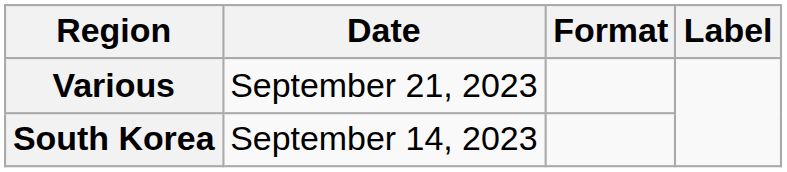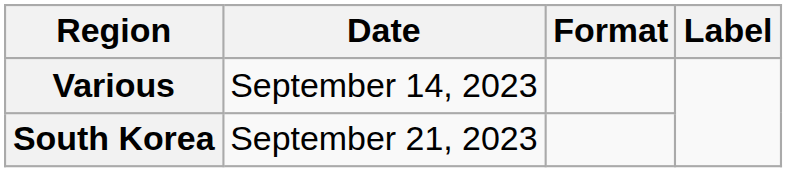 <table class="wikitable plainrowheaders">
 <tr>
 <th scope="col">Region</th>
 <th scope="col">Date</th>
 <th scope="col">Format</th>
 <th scope="col">Label</th>
 </tr>
 <tr>
 <th scope="row">Various</th>
-<td>September 21, 2023</td>
+<td>September 14, 2023</td>
 <td></td>
 <td rowspan="2"></td>
 </tr>
 <tr>
 <th scope="row">South Korea</th>
-<td>September 14, 2023</td>
+<td>September 21, 2023</td>
 <td></td>
 </tr>
 </table>
